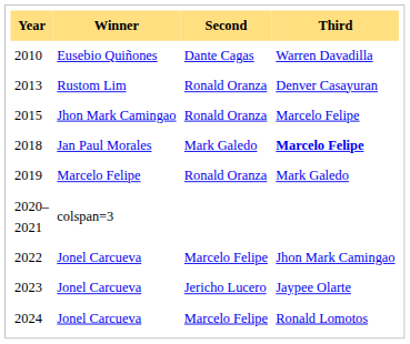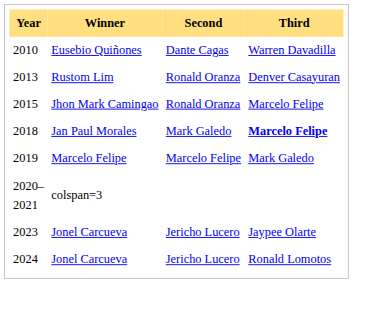 <table cellpadding="4" cellspacing="0"  style="border: 1px solid silver; color: black; margin: 0 0 0.5em 0; background-color: white; padding: 5px; text-align: left; font-size:85%; vertical-align: top; line-height:1.6em;">
 <tr>
 <th scope=col; align="center" bgcolor="FFDF80">Year</th>
 <th scope=col; align="center" bgcolor="FFDF80">Winner</th>
 <th scope=col; align="center" bgcolor="FFDF80">Second</th>
 <th scope=col; align="center" bgcolor="FFDF80">Third</th>
 </tr>
 <tr>
 <td>2010</td>
 <td><a href='#'>Eusebio Quiñones</a></td>
 <td><a href='#'>Dante Cagas</a></td>
 <td><a href='#'>Warren Davadilla</a></td>
 </tr>
 <tr>
 <td>2013</td>
 <td><a href='#'>Rustom Lim</a></td>
 <td><a href='#'>Ronald Oranza</a></td>
 <td><a href='#'>Denver Casayuran</a></td>
 </tr>
 <tr>
 <td>2015</td>
 <td><a href='#'>Jhon Mark Camingao</a></td>
 <td><a href='#'>Ronald Oranza</a></td>
 <td><a href='#'>Marcelo Felipe</a></td>
 </tr>
 <tr>
 <td>2018</td>
 <td><a href='#'>Jan Paul Morales</a></td>
 <td><a href='#'>Mark Galedo</a></td>
 <td><strong><a href='#'>Marcelo Felipe</a></strong></td>
 </tr>
 <tr>
 <td>2019</td>
 <td><a href='#'>Marcelo Felipe</a></td>
-<td><a href='#'>Ronald Oranza</a></td>
+<td><a href='#'>Marcelo Felipe</a></td>
 <td><a href='#'>Mark Galedo</a></td>
 </tr>
 <tr>
 <td>2020–<br>2021</td>
 <td>colspan=3 </td>
-</tr>
-<tr>
-<td>2022</td>
-<td><a href='#'>Jonel Carcueva</a></td>
-<td><a href='#'>Marcelo Felipe</a></td>
-<td><a href='#'>Jhon Mark Camingao</a></td>
 </tr>
 <tr>
 <td>2023</td>
 <td><a href='#'>Jonel Carcueva</a></td>
 <td><a href='#'>Jericho Lucero</a></td>
 <td><a href='#'>Jaypee Olarte</a></td>
 </tr>
 <tr>
 <td>2024</td>
 <td><a href='#'>Jonel Carcueva</a></td>
-<td><a href='#'>Marcelo Felipe</a></td>
+<td><a href='#'>Jericho Lucero</a></td>
 <td><a href='#'>Ronald Lomotos</a></td>
 </tr>
 </table>
